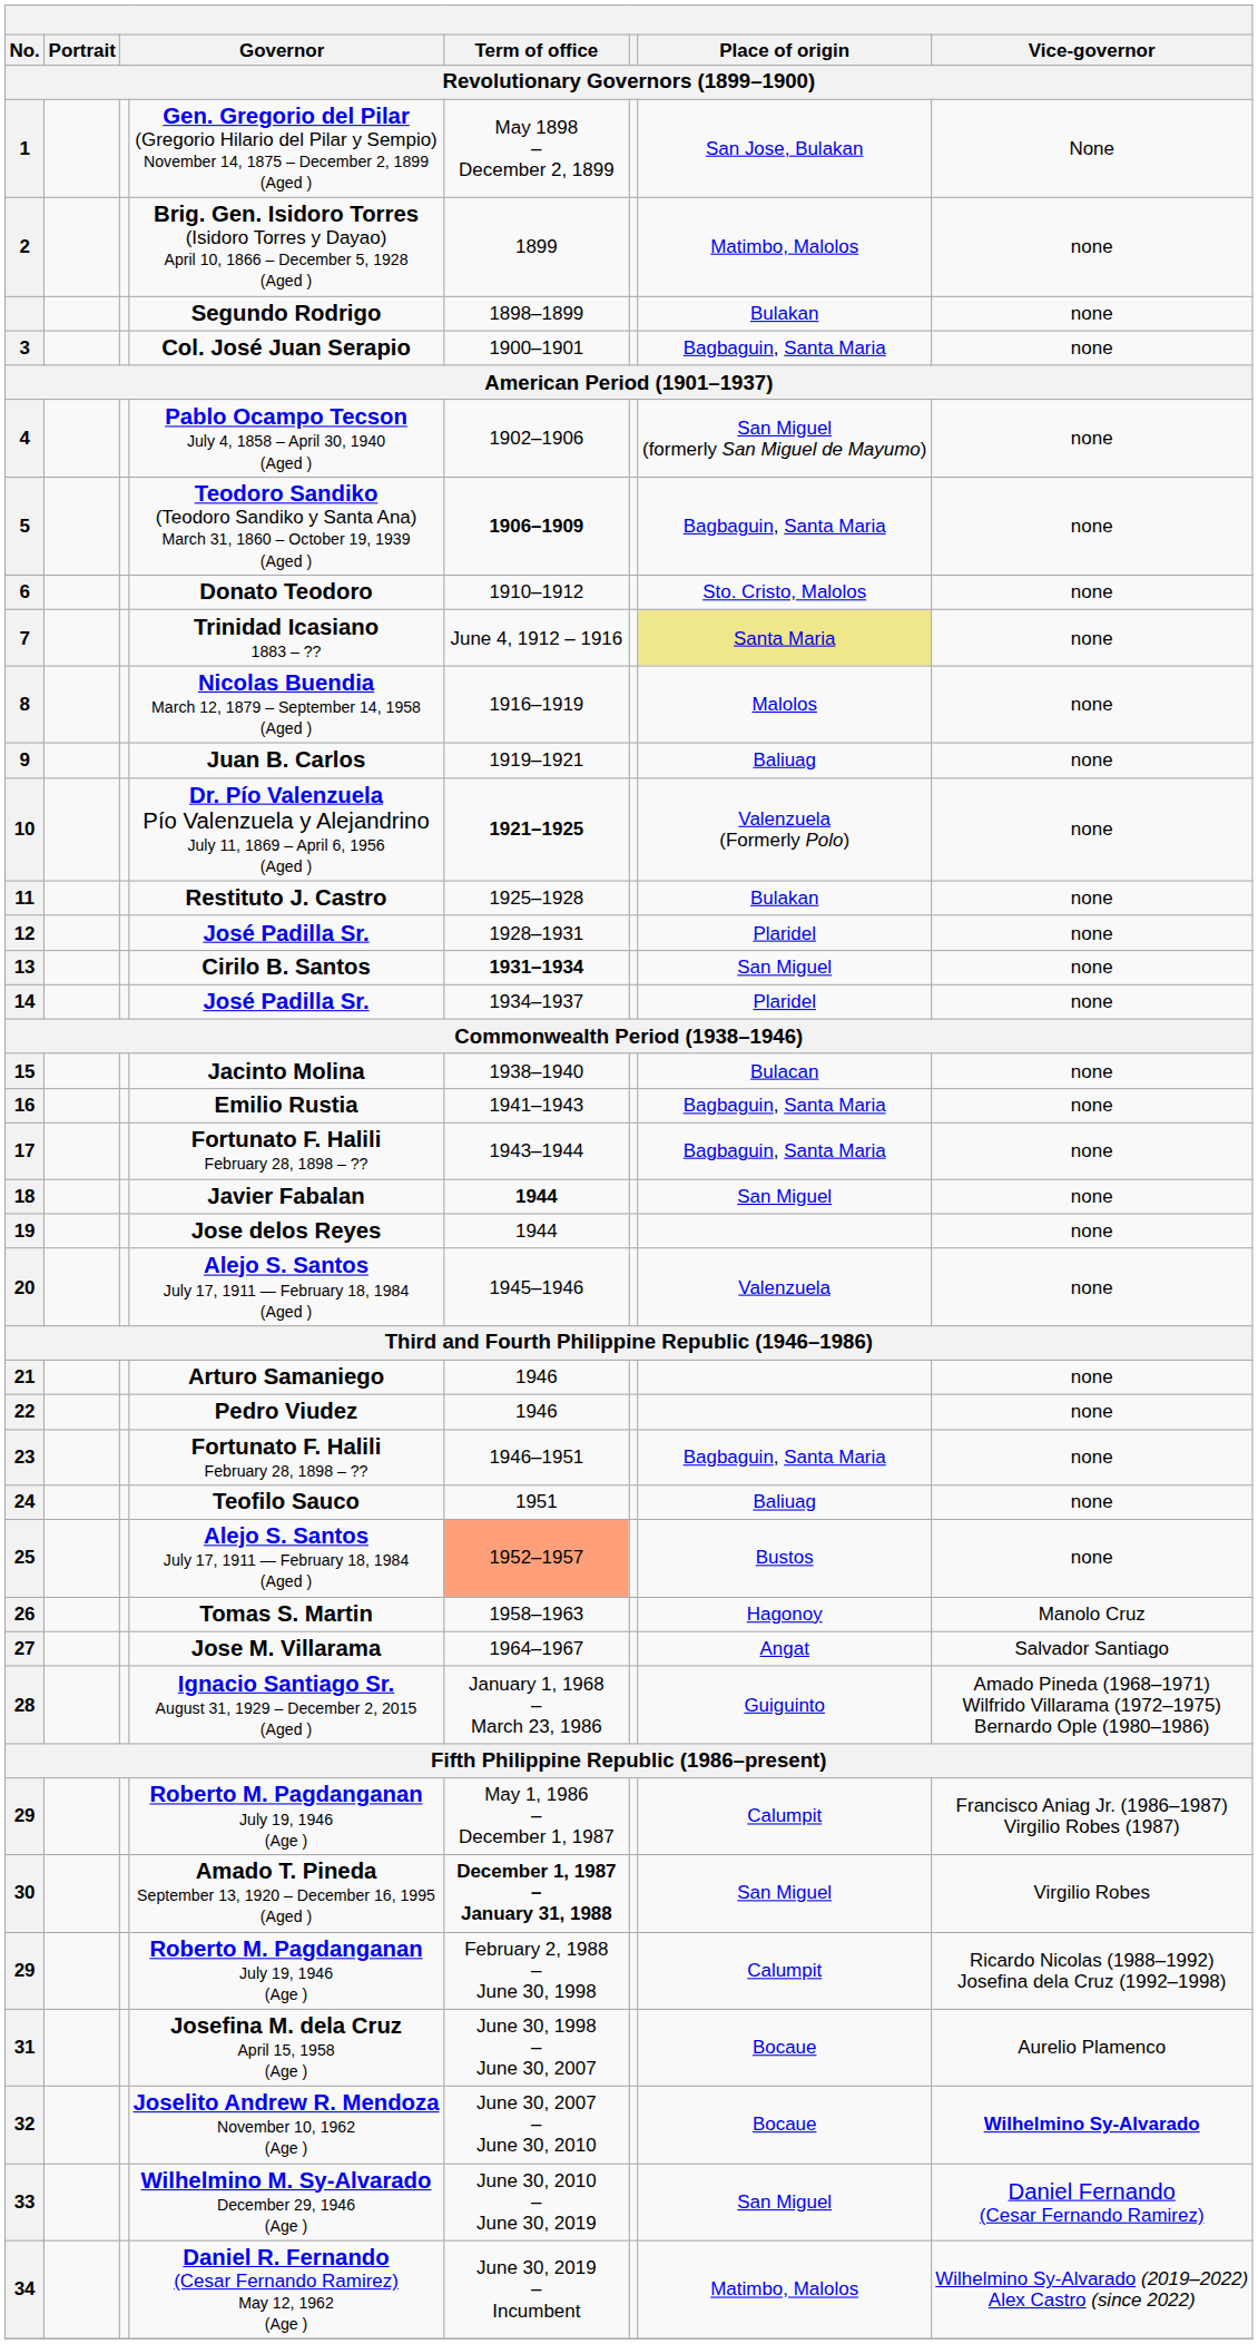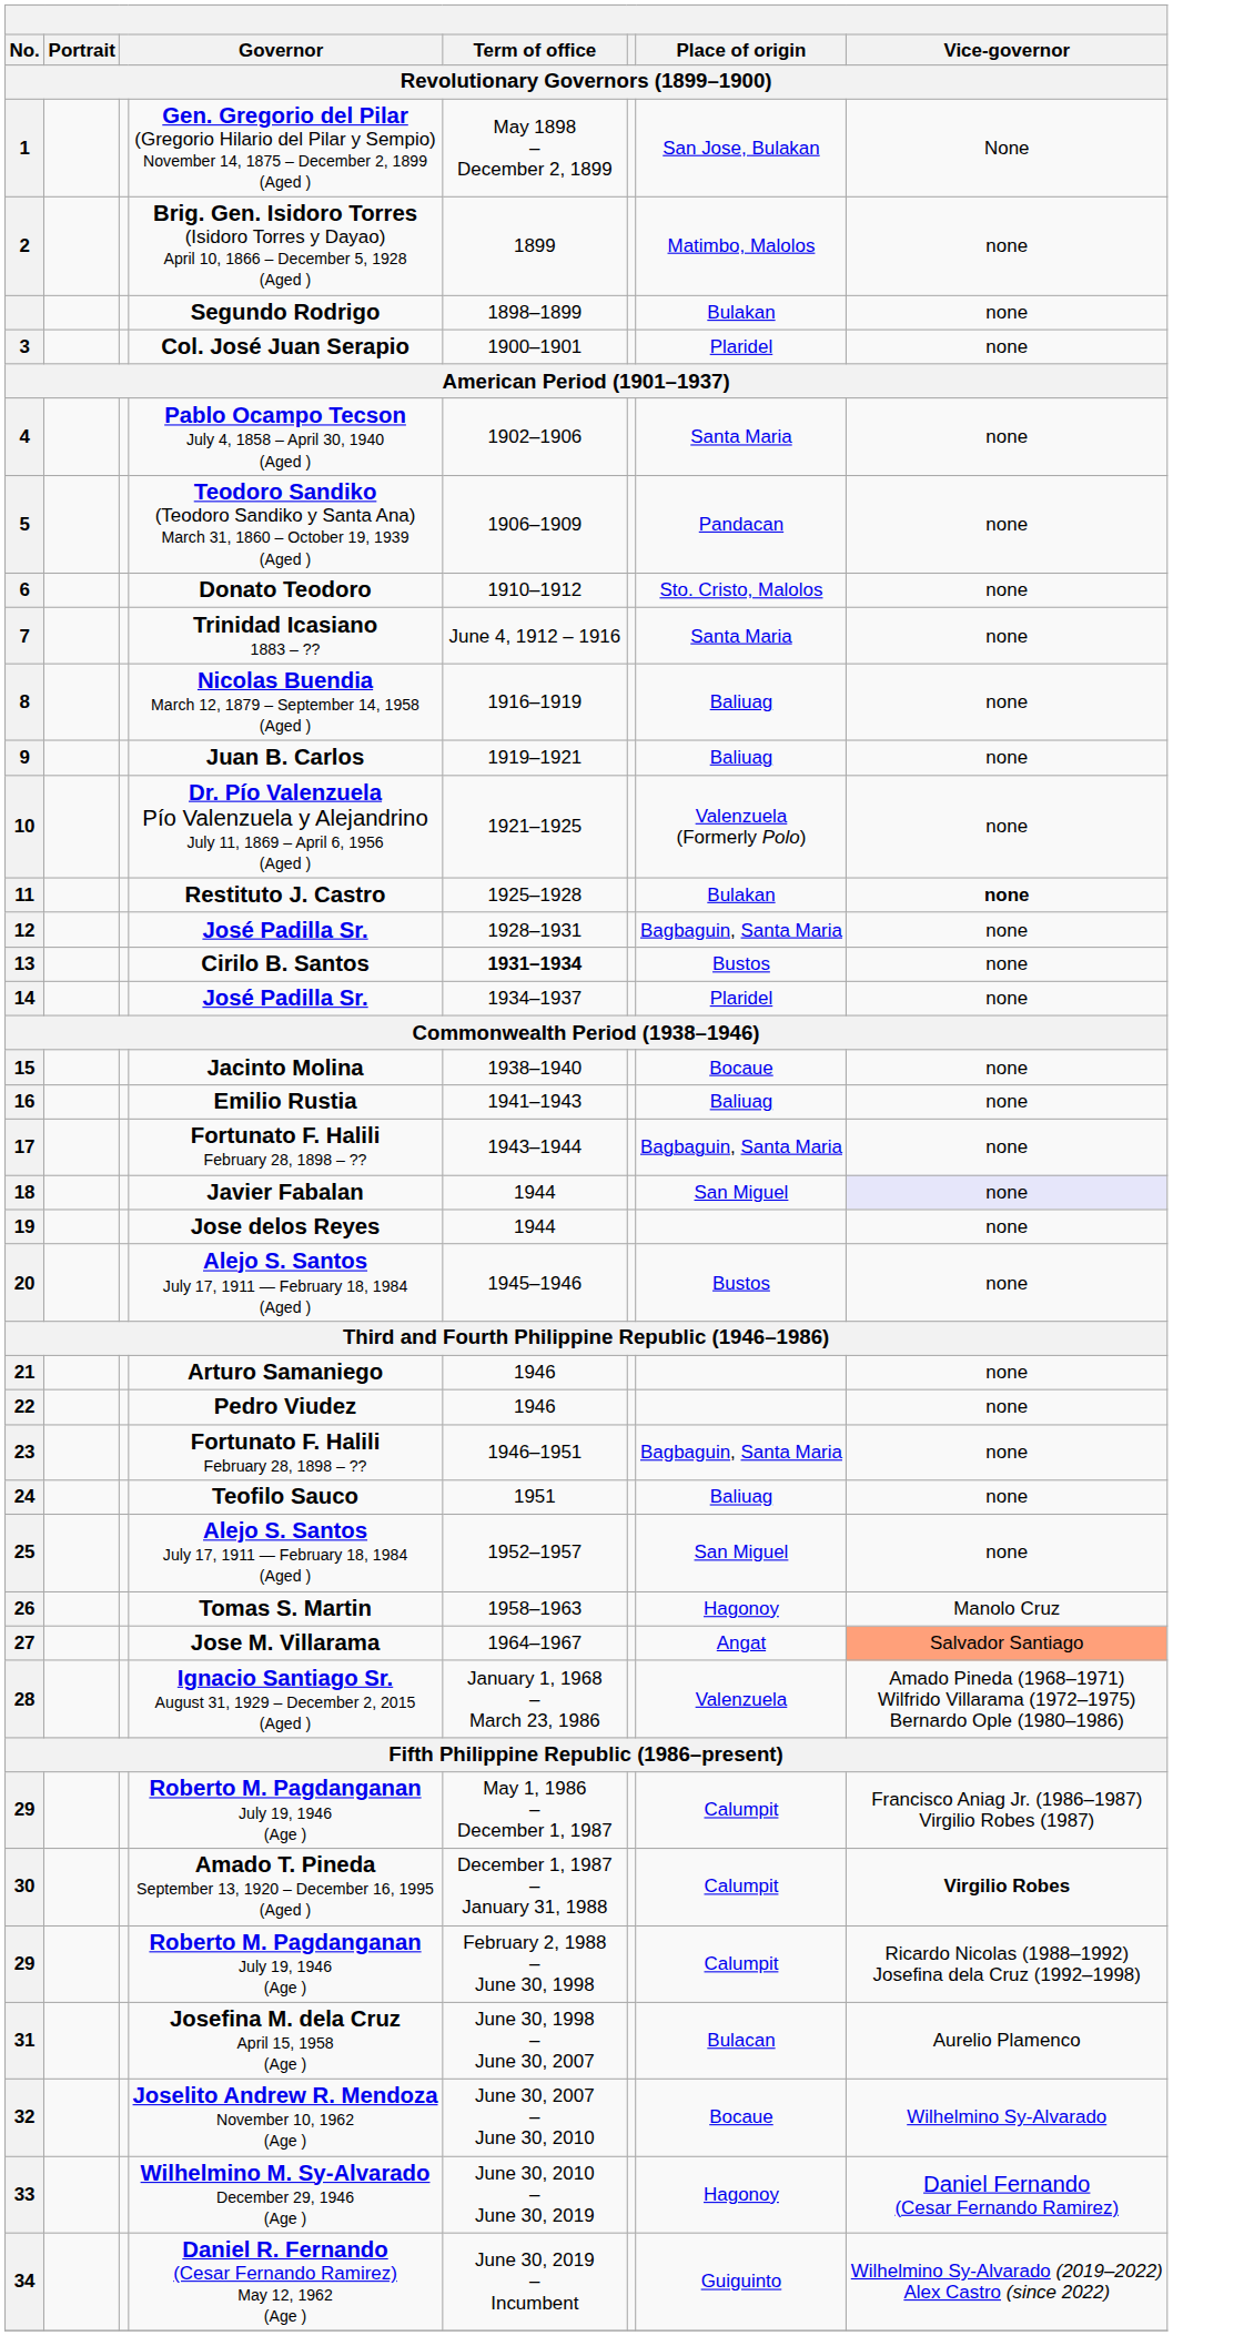 <table class="wikitable" style="text-align: center;">
 <tr>
 <th colspan="11"><br>   </th>
 </tr>
 <tr>
 <th>No.</th>
 <th>Portrait</th>
 <th colspan="2" style="width:250px;">Governor</th>
 <th style="width:150px;">Term of office</th>
 <th></th>
 <th>Place of origin</th>
 <th>Vice-governor</th>
 </tr>
 <tr>
 <th style="font-size:110%;width:49em;" colspan="8">Revolutionary Governors (1899–1900)</th>
 </tr>
 <tr>
 <th>1</th>
 <td></td>
 <td></td>
 <td><a href='#'><big><strong>Gen. Gregorio del Pilar</strong></big></a><br>(Gregorio Hilario del Pilar y Sempio)<br><small>November 14, 1875 – December 2, 1899<br>(Aged )</small></td>
 <td>May 1898<br>–<br>December 2, 1899</td>
 <td></td>
 <td><a href='#'>San Jose, Bulakan</a></td>
 <td>None</td>
 </tr>
 <tr>
 <th>2</th>
 <td></td>
 <td></td>
 <td><big><strong>Brig. Gen. Isidoro Torres</strong></big><br>(Isidoro Torres y Dayao)<br><small>April 10, 1866 – December 5, 1928<br>(Aged )</small></td>
 <td>1899</td>
 <td></td>
 <td><a href='#'>Matimbo, Malolos</a></td>
 <td>none</td>
 </tr>
 <tr>
 <th></th>
 <td></td>
 <td></td>
 <td><big><strong>Segundo Rodrigo</strong></big></td>
 <td>1898–1899</td>
 <td></td>
 <td><a href='#'>Bulakan</a></td>
 <td>none</td>
 </tr>
 <tr>
 <th>3</th>
 <td></td>
 <td></td>
 <td><big><strong>Col. José Juan Serapio</strong></big></td>
 <td>1900–1901</td>
 <td></td>
-<td><a href='#'>Bagbaguin</a>, <a href='#'>Santa Maria</a></td>
+<td><a href='#'>Plaridel</a></td>
 <td>none</td>
 </tr>
 <tr>
 <th style="font-size:110%;width:49em;" colspan="8">American Period (1901–1937)</th>
 </tr>
 <tr>
 <th>4</th>
 <td></td>
 <td></td>
 <td><a href='#'><big><strong>Pablo Ocampo Tecson</strong></big></a><br><small>July 4, 1858 – April 30, 1940<br>(Aged )</small></td>
 <td>1902–1906</td>
 <td></td>
-<td><a href='#'>San Miguel</a><br>(formerly <em>San Miguel de Mayumo</em>)</td>
+<td><a href='#'>Santa Maria</a></td>
 <td>none</td>
 </tr>
 <tr>
 <th>5</th>
 <td></td>
 <td></td>
 <td><a href='#'><big><strong>Teodoro Sandiko</strong></big></a><br>(Teodoro Sandiko y Santa Ana)<br><small>March 31, 1860 – October 19, 1939<br>(Aged )</small></td>
-<td><strong>1906–1909</strong></td>
+<td>1906–1909</td>
 <td></td>
-<td><a href='#'>Bagbaguin</a>, <a href='#'>Santa Maria</a></td>
+<td><a href='#'>Pandacan</a></td>
 <td>none</td>
 </tr>
 <tr>
 <th>6</th>
 <td></td>
 <td></td>
 <td><big><strong>Donato Teodoro</strong></big></td>
 <td>1910–1912</td>
 <td></td>
 <td><a href='#'>Sto. Cristo, Malolos</a></td>
 <td>none</td>
 </tr>
 <tr>
 <th>7</th>
 <td></td>
 <td></td>
 <td><big><strong>Trinidad Icasiano</strong></big><br><small>1883 – ??</small></td>
 <td>June 4, 1912 – 1916</td>
 <td></td>
-<td style="background: khaki;"><a href='#'>Santa Maria</a></td>
+<td><a href='#'>Santa Maria</a></td>
 <td>none</td>
 </tr>
 <tr>
 <th>8</th>
 <td></td>
 <td></td>
 <td><big><strong><a href='#'>Nicolas Buendia</a></strong></big><br><small>March 12, 1879 – September 14, 1958<br>(Aged )</small></td>
 <td>1916–1919</td>
 <td></td>
-<td><a href='#'>Malolos</a></td>
+<td><a href='#'>Baliuag</a></td>
 <td>none</td>
 </tr>
 <tr>
 <th>9</th>
 <td></td>
 <td></td>
 <td><big><strong>Juan B. Carlos</strong></big></td>
 <td>1919–1921</td>
 <td></td>
 <td><a href='#'>Baliuag</a></td>
 <td>none</td>
 </tr>
 <tr>
 <th>10</th>
 <td></td>
 <td></td>
 <td><big><a href='#'><strong>Dr. Pío Valenzuela</strong></a><br>Pío Valenzuela y Alejandrino</big><br><small>July 11, 1869 – April 6, 1956<br>(Aged )</small></td>
-<td><strong>1921–1925</strong></td>
+<td>1921–1925</td>
 <td></td>
 <td><a href='#'>Valenzuela</a><br>(Formerly <em>Polo</em>)</td>
 <td>none</td>
 </tr>
 <tr>
 <th>11</th>
 <td></td>
 <td></td>
 <td><big><strong>Restituto J. Castro</strong></big></td>
 <td>1925–1928</td>
 <td></td>
 <td><a href='#'>Bulakan</a></td>
-<td>none</td>
+<td><strong>none</strong></td>
 </tr>
 <tr>
 <th>12</th>
 <td></td>
 <td></td>
 <td><a href='#'><big><strong>José Padilla Sr.</strong></big></a></td>
 <td>1928–1931</td>
 <td></td>
-<td><a href='#'>Plaridel</a></td>
+<td><a href='#'>Bagbaguin</a>, <a href='#'>Santa Maria</a></td>
 <td>none</td>
 </tr>
 <tr>
 <th>13</th>
 <td></td>
 <td></td>
 <td><big><strong>Cirilo B. Santos</strong></big></td>
 <td><strong>1931–1934</strong></td>
 <td></td>
-<td><a href='#'>San Miguel</a></td>
+<td><a href='#'>Bustos</a></td>
 <td>none</td>
 </tr>
 <tr>
 <th>14</th>
 <td></td>
 <td></td>
 <td><a href='#'><big><strong>José Padilla Sr.</strong></big></a></td>
 <td>1934–1937</td>
 <td></td>
 <td><a href='#'>Plaridel</a></td>
 <td>none</td>
 </tr>
 <tr>
 <th style="font-size:110%;width:49em;" colspan="8">Commonwealth Period (1938–1946)</th>
 </tr>
 <tr>
 <th>15</th>
 <td></td>
 <td></td>
 <td><big><strong>Jacinto Molina</strong></big></td>
 <td>1938–1940</td>
 <td></td>
-<td><a href='#'>Bulacan</a></td>
+<td><a href='#'>Bocaue</a></td>
 <td>none</td>
 </tr>
 <tr>
 <th>16</th>
 <td></td>
 <td></td>
 <td><big><strong>Emilio Rustia</strong></big></td>
 <td>1941–1943</td>
 <td></td>
-<td><a href='#'>Bagbaguin</a>, <a href='#'>Santa Maria</a></td>
+<td><a href='#'>Baliuag</a></td>
 <td>none</td>
 </tr>
 <tr>
 <th>17</th>
 <td></td>
 <td></td>
 <td><big><strong>Fortunato F. Halili</strong></big><br><small>February 28, 1898 – ??</small></td>
 <td>1943–1944</td>
 <td></td>
 <td><a href='#'>Bagbaguin</a>, <a href='#'>Santa Maria</a></td>
 <td>none</td>
 </tr>
 <tr>
 <th>18</th>
 <td></td>
 <td></td>
 <td><big><strong>Javier Fabalan</strong></big></td>
-<td><strong>1944</strong></td>
+<td>1944</td>
 <td></td>
 <td><a href='#'>San Miguel</a></td>
-<td>none</td>
+<td style="background: lavender;">none</td>
 </tr>
 <tr>
 <th>19</th>
 <td></td>
 <td></td>
 <td><big><strong>Jose delos Reyes</strong></big></td>
 <td>1944</td>
 <td></td>
 <td></td>
 <td>none</td>
 </tr>
 <tr>
 <th>20</th>
 <td></td>
 <td></td>
 <td><a href='#'><big><strong>Alejo S. Santos</strong></big></a><br><small>July 17, 1911 — February 18, 1984<br>(Aged )</small></td>
 <td>1945–1946</td>
 <td></td>
-<td><a href='#'>Valenzuela</a></td>
+<td><a href='#'>Bustos</a></td>
 <td>none</td>
 </tr>
 <tr>
 <th style="font-size:110%;width:49em;" colspan="8">Third and Fourth Philippine Republic (1946–1986)</th>
 </tr>
 <tr>
 <th>21</th>
 <td></td>
 <td></td>
 <td><big><strong>Arturo Samaniego</strong></big></td>
 <td>1946</td>
 <td></td>
 <td></td>
 <td>none</td>
 </tr>
 <tr>
 <th>22</th>
 <td></td>
 <td></td>
 <td><big><strong>Pedro Viudez</strong></big></td>
 <td>1946</td>
 <td></td>
 <td></td>
 <td>none</td>
 </tr>
 <tr>
 <th>23</th>
 <td></td>
 <td></td>
 <td><big><strong>Fortunato F. Halili</strong></big><br><small>February 28, 1898 – ??</small></td>
 <td>1946–1951</td>
 <td></td>
 <td><a href='#'>Bagbaguin</a>, <a href='#'>Santa Maria</a></td>
 <td>none</td>
 </tr>
 <tr>
 <th>24</th>
 <td></td>
 <td></td>
 <td><big><strong>Teofilo Sauco</strong></big></td>
 <td>1951</td>
 <td></td>
 <td><a href='#'>Baliuag</a></td>
 <td>none</td>
 </tr>
 <tr>
 <th>25</th>
 <td></td>
 <td></td>
 <td><a href='#'><big><strong>Alejo S. Santos</strong></big></a><br><small>July 17, 1911 — February 18, 1984<br>(Aged )</small></td>
-<td style="background: lightsalmon;">1952–1957</td>
+<td>1952–1957</td>
 <td></td>
-<td><a href='#'>Bustos</a></td>
+<td><a href='#'>San Miguel</a></td>
 <td>none</td>
 </tr>
 <tr>
 <th>26</th>
 <td></td>
 <td></td>
 <td><big><strong>Tomas S. Martin</strong></big></td>
 <td>1958–1963</td>
 <td></td>
 <td><a href='#'>Hagonoy</a></td>
 <td>Manolo Cruz</td>
 </tr>
 <tr>
 <th>27</th>
 <td></td>
 <td></td>
 <td><big><strong>Jose M. Villarama</strong></big></td>
 <td>1964–1967</td>
 <td></td>
 <td><a href='#'>Angat</a></td>
-<td>Salvador Santiago</td>
+<td style="background: lightsalmon;">Salvador Santiago</td>
 </tr>
 <tr>
 <th>28</th>
 <td></td>
 <td></td>
 <td><a href='#'><big><strong>Ignacio Santiago Sr.</strong></big></a><br><small>August 31, 1929 – December 2, 2015<br>(Aged )</small></td>
 <td>January 1, 1968<br>–<br>March 23, 1986</td>
 <td></td>
-<td><a href='#'>Guiguinto</a></td>
+<td><a href='#'>Valenzuela</a></td>
 <td>Amado Pineda (1968–1971)<br>Wilfrido Villarama (1972–1975)<br>Bernardo Ople (1980–1986)</td>
 </tr>
 <tr>
 <th style="font-size:110%;width:49em;" colspan="8">Fifth Philippine Republic (1986–present)</th>
 </tr>
 <tr>
 <th>29</th>
 <td></td>
 <td></td>
 <td><a href='#'><big><strong>Roberto M. Pagdanganan</strong></big></a><br><small>July 19, 1946<br>(Age )</small></td>
 <td>May 1, 1986<br>–<br>December 1, 1987</td>
 <td></td>
 <td><a href='#'>Calumpit</a></td>
 <td>Francisco Aniag Jr. (1986–1987)<br>Virgilio Robes (1987)</td>
 </tr>
 <tr>
 <th>30</th>
 <td></td>
 <td></td>
 <td><big><strong>Amado T. Pineda</strong></big><br><small>September 13, 1920 – December 16, 1995<br>(Aged )</small></td>
-<td><strong>December 1, 1987<br>–<br>January 31, 1988</strong></td>
+<td>December 1, 1987<br>–<br>January 31, 1988</td>
 <td></td>
-<td><a href='#'>San Miguel</a></td>
-<td>Virgilio Robes</td>
+<td><a href='#'>Calumpit</a></td>
+<td><strong>Virgilio Robes</strong></td>
 </tr>
 <tr>
 <th>29</th>
 <td></td>
 <td></td>
 <td><a href='#'><big><strong>Roberto M. Pagdanganan</strong></big></a><br><small>July 19, 1946<br>(Age )</small></td>
 <td>February 2, 1988<br>–<br>June 30, 1998</td>
 <td></td>
 <td><a href='#'>Calumpit</a></td>
 <td>Ricardo Nicolas (1988–1992)<br>Josefina dela Cruz (1992–1998)</td>
 </tr>
 <tr>
 <th>31</th>
 <td></td>
 <td></td>
 <td><big><strong>Josefina M. dela Cruz</strong></big><br><small>April 15, 1958<br>(Age )</small></td>
 <td>June 30, 1998<br>–<br>June 30, 2007</td>
 <td></td>
-<td><a href='#'>Bocaue</a></td>
+<td><a href='#'>Bulacan</a></td>
 <td>Aurelio Plamenco</td>
 </tr>
 <tr>
 <th>32</th>
 <td></td>
 <td></td>
 <td><big><strong><a href='#'>Joselito Andrew R. Mendoza</a></strong></big> <br><small>November 10, 1962<br>(Age )</small></td>
 <td>June 30, 2007<br>–<br>June 30, 2010</td>
 <td></td>
 <td><a href='#'>Bocaue</a></td>
-<td><strong><a href='#'>Wilhelmino Sy-Alvarado</a></strong></td>
+<td><a href='#'>Wilhelmino Sy-Alvarado</a></td>
 </tr>
 <tr>
 <th>33</th>
 <td></td>
 <td></td>
 <td><a href='#'><big><strong>Wilhelmino M. Sy-Alvarado</strong></big></a><br><small>December 29, 1946<br>(Age )</small></td>
 <td>June 30, 2010<br>–<br>June 30, 2019</td>
 <td></td>
-<td><a href='#'>San Miguel</a></td>
+<td><a href='#'>Hagonoy</a></td>
 <td><a href='#'><big>Daniel Fernando</big><br>(Cesar Fernando Ramirez)</a></td>
 </tr>
 <tr>
 <th>34</th>
 <td></td>
 <td></td>
 <td><a href='#'><big><strong>Daniel R. Fernando</strong></big><br>(Cesar Fernando Ramirez)</a><br><small>May 12, 1962<br>(Age )</small></td>
 <td>June 30, 2019<br>–<br>Incumbent</td>
 <td></td>
-<td><a href='#'>Matimbo, Malolos</a></td>
+<td><a href='#'>Guiguinto</a></td>
 <td><a href='#'>Wilhelmino Sy-Alvarado</a> <em>(2019–2022)</em><br><a href='#'>Alex Castro</a> <em>(since 2022)</em></td>
 </tr>
 <tr>
 </tr>
 </table>
